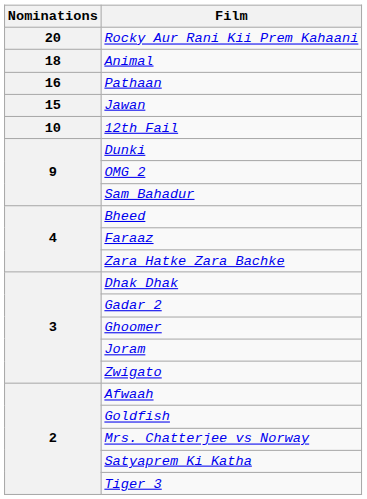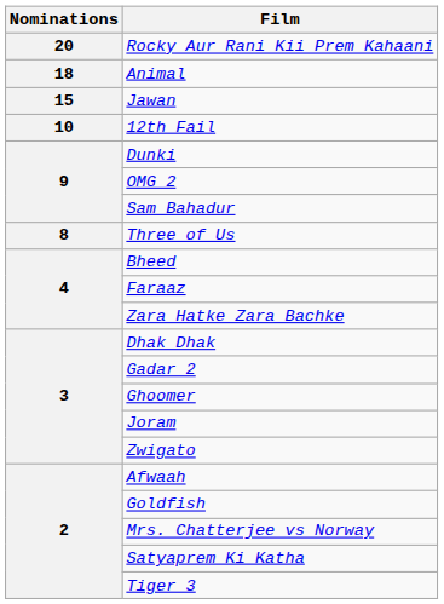 <table class="wikitable" style="display:inline-table;">
 <tr>
 <th>Nominations</th>
 <th>Film</th>
 </tr>
 <tr>
 <th>20</th>
 <td><em><a href='#'>Rocky Aur Rani Kii Prem Kahaani</a></em></td>
 </tr>
 <tr>
 <th>18</th>
 <td><em><a href='#'>Animal</a></em></td>
-</tr>
-<tr>
-<th>16</th>
-<td><em><a href='#'>Pathaan</a></em></td>
 </tr>
 <tr>
 <th>15</th>
 <td><em><a href='#'>Jawan</a></em></td>
 </tr>
 <tr>
 <th>10</th>
 <td><em><a href='#'>12th Fail</a></em></td>
 </tr>
 <tr>
 <th rowspan="3">9</th>
 <td><a href='#'><em>Dunki</em></a></td>
 </tr>
 <tr>
 <td><em><a href='#'>OMG 2</a></em></td>
 </tr>
 <tr>
 <td><em><a href='#'>Sam Bahadur</a></em></td>
+</tr>
+<tr>
+<th>8</th>
+<td><em><a href='#'>Three of Us</a></em></td>
 </tr>
 <tr>
 <th rowspan="3">4</th>
 <td><em><a href='#'>Bheed</a></em></td>
 </tr>
 <tr>
 <td><em><a href='#'>Faraaz</a></em></td>
 </tr>
 <tr>
 <td><em><a href='#'>Zara Hatke Zara Bachke</a></em></td>
 </tr>
 <tr>
 <th rowspan="5">3</th>
 <td><em><a href='#'>Dhak Dhak</a></em></td>
 </tr>
 <tr>
 <td><em><a href='#'>Gadar 2</a></em></td>
 </tr>
 <tr>
 <td><em><a href='#'>Ghoomer</a></em></td>
 </tr>
 <tr>
 <td><em><a href='#'>Joram</a></em></td>
 </tr>
 <tr>
 <td><em><a href='#'>Zwigato</a></em></td>
 </tr>
 <tr>
 <th rowspan="5">2</th>
 <td><em><a href='#'>Afwaah</a></em></td>
 </tr>
 <tr>
 <td><a href='#'><em>Goldfish</em></a></td>
 </tr>
 <tr>
 <td><em><a href='#'>Mrs. Chatterjee vs Norway</a></em></td>
 </tr>
 <tr>
 <td><em><a href='#'>Satyaprem Ki Katha</a></em></td>
 </tr>
 <tr>
 <td><em><a href='#'>Tiger 3</a></em></td>
 </tr>
 </table>
